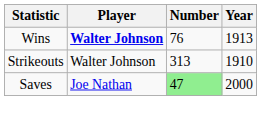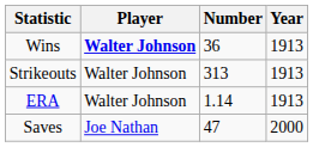 <table class="wikitable" style="font-size: 95%; text-align:left;">
 <tr>
 <th>Statistic</th>
 <th>Player</th>
 <th>Number</th>
 <th>Year</th>
 </tr>
 <tr>
 <td align="center">Wins</td>
 <td><strong><a href='#'>Walter Johnson</a></strong></td>
-<td>76</td>
+<td>36</td>
 <td>1913</td>
 </tr>
 <tr>
 <td align="center">Strikeouts</td>
 <td>Walter Johnson</td>
 <td>313</td>
-<td>1910</td>
+<td>1913</td>
+</tr>
+<tr>
+<td align="center"><a href='#'>ERA</a></td>
+<td>Walter Johnson</td>
+<td>1.14</td>
+<td>1913</td>
 </tr>
 <tr>
 <td align="center">Saves</td>
 <td><a href='#'>Joe Nathan</a></td>
-<td style="background: lightgreen;">47</td>
+<td>47</td>
 <td>2000</td>
 </tr>
 </table>
